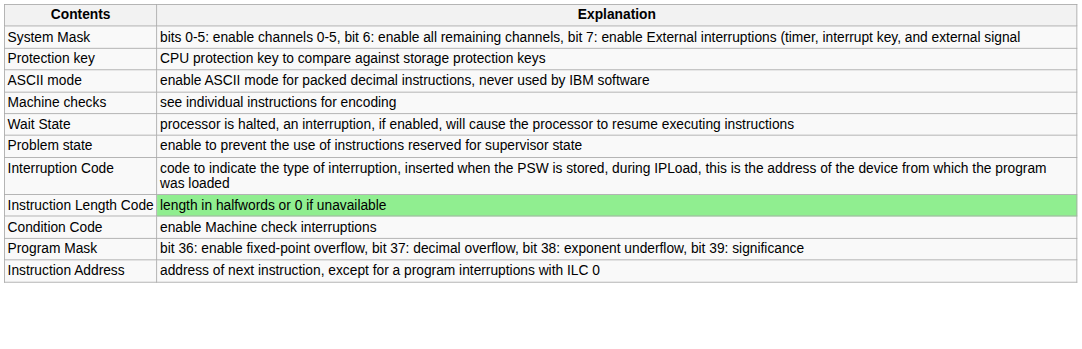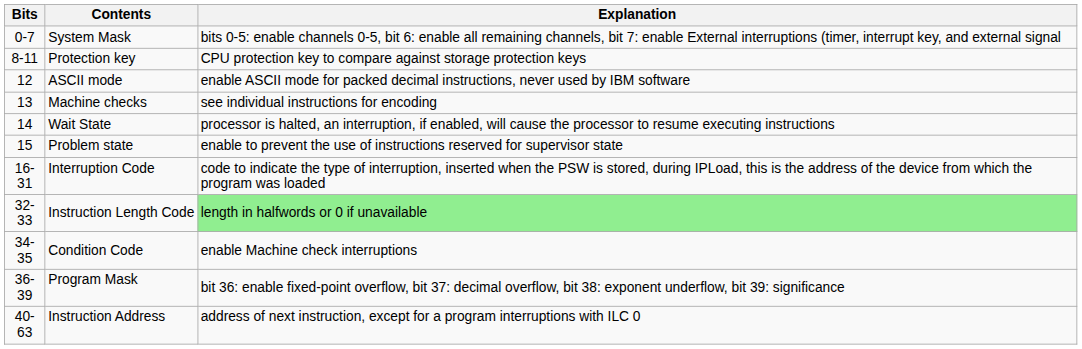 <table class="wikitable collapsible">
 <tr>
+<th align=center valign=bottom>Bits</th>
 <th align=center valign=bottom>Contents</th>
 <th align=left valign=bottom>Explanation</th>
 </tr>
 <tr>
+<td align=center valign=top>0-7</td>
 <td valign=top style="align:left;">System Mask</td>
 <td valign=top>bits 0-5: enable channels 0-5, bit 6: enable all remaining channels, bit 7: enable External interruptions (timer, interrupt key, and external signal</td>
 </tr>
 <tr>
+<td align=center valign=top>8-11</td>
 <td>Protection key</td>
 <td>CPU protection key to compare against storage protection keys</td>
 </tr>
 <tr>
+<td align=center valign=top>12</td>
 <td valign=top>ASCII mode</td>
 <td>enable ASCII mode for packed decimal instructions, never used by IBM software</td>
 </tr>
 <tr>
+<td align=center valign=top>13</td>
 <td valign=top>Machine checks</td>
 <td>see individual instructions for encoding</td>
 </tr>
 <tr>
+<td align=center valign=top>14</td>
 <td valign=top>Wait State</td>
 <td>processor is halted, an interruption, if enabled, will cause the processor to resume executing instructions</td>
 </tr>
 <tr>
+<td align=center valign=top>15</td>
 <td valign=top>Problem state</td>
 <td>enable to prevent the use of instructions reserved for supervisor state</td>
 </tr>
 <tr>
+<td align=center valign=top>16-31</td>
 <td valign=top>Interruption Code</td>
 <td>code to indicate the type of interruption, inserted when the PSW is stored, during IPLoad, this is the address of the device from which the program was loaded</td>
 </tr>
 <tr>
+<td align=center valign=top>32-33</td>
 <td>Instruction Length Code</td>
 <td style="background: lightgreen;">length in halfwords or 0 if unavailable</td>
 </tr>
 <tr>
+<td align=center valign=top>34-35</td>
 <td>Condition Code</td>
 <td>enable Machine check interruptions</td>
 </tr>
 <tr>
+<td align=center valign=top>36-39</td>
 <td valign=top>Program Mask</td>
 <td>bit 36: enable fixed-point overflow, bit 37: decimal overflow, bit 38: exponent underflow, bit 39: significance</td>
 </tr>
 <tr>
+<td align=center valign=top>40-63</td>
 <td valign=top>Instruction Address</td>
 <td valign=top>address of next instruction, except for a program interruptions with ILC 0</td>
 </tr>
 </table>
